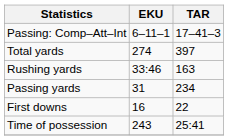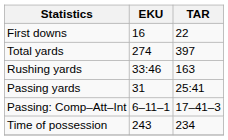 <table class="wikitable" style="float: left;">
 <tr>
 <th>Statistics</th>
 <th>EKU</th>
 <th>TAR</th>
 </tr>
 <tr>
-<td>Passing: Comp–Att–Int</td>
-<td>6–11–1</td>
-<td>17–41–3</td>
+<td>First downs</td>
+<td>16</td>
+<td>22</td>
 </tr>
 <tr>
 <td>Total yards</td>
 <td>274</td>
 <td>397</td>
 </tr>
 <tr>
 <td>Rushing yards</td>
 <td>33:46</td>
 <td>163</td>
 </tr>
 <tr>
 <td>Passing yards</td>
 <td>31</td>
-<td>234</td>
+<td>25:41</td>
 </tr>
 <tr>
-<td>First downs</td>
-<td>16</td>
-<td>22</td>
+<td>Passing: Comp–Att–Int</td>
+<td>6–11–1</td>
+<td>17–41–3</td>
 </tr>
 <tr>
 <td>Time of possession</td>
 <td>243</td>
-<td>25:41</td>
+<td>234</td>
 </tr>
 <tr>
 </tr>
 </table>
